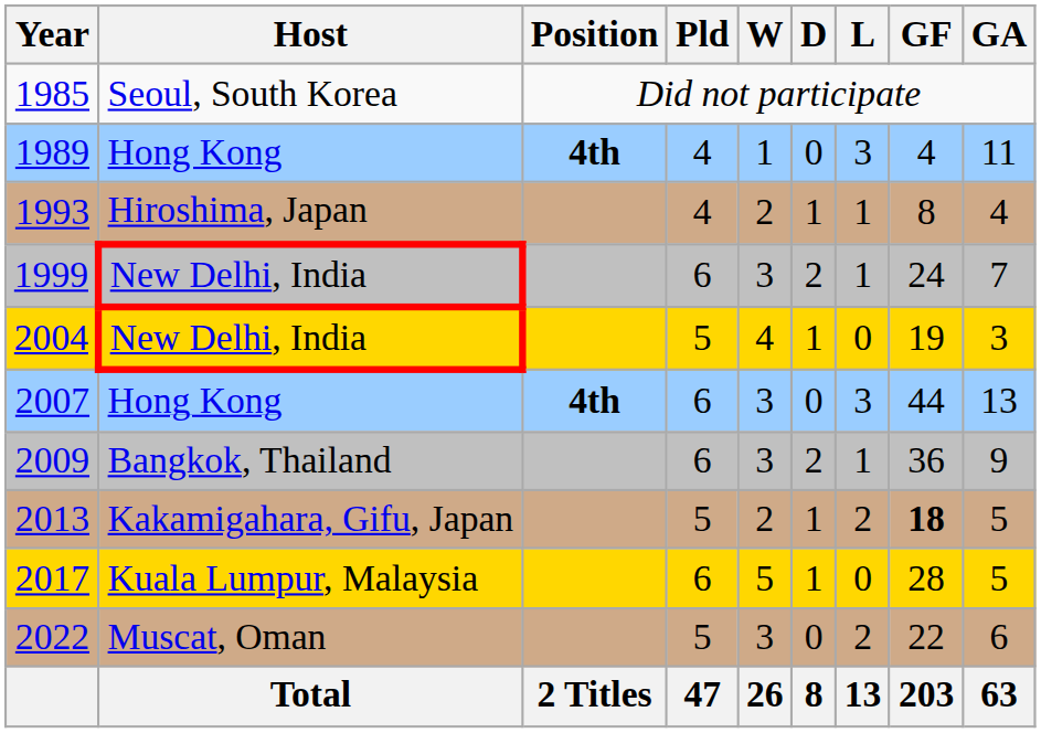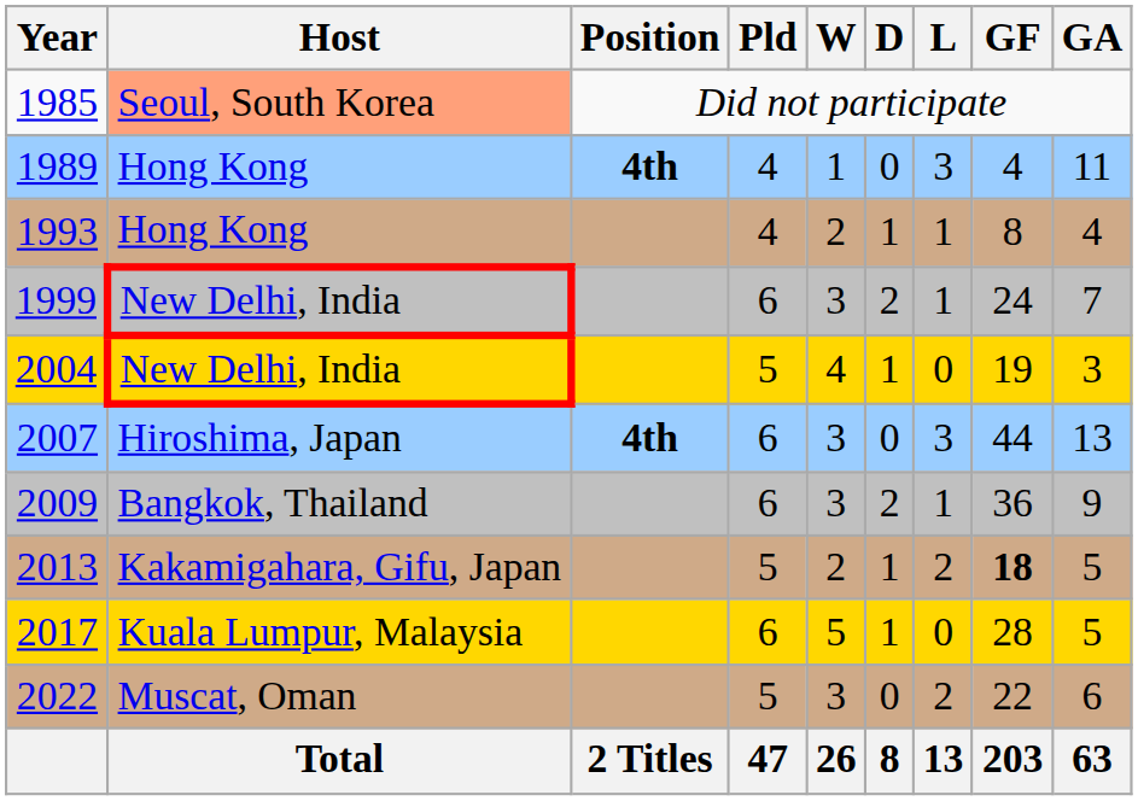 <table class="wikitable" style="text-align: center;">
 <tr>
 <th>Year</th>
 <th>Host</th>
 <th>Position</th>
 <th>Pld</th>
 <th>W</th>
 <th>D</th>
 <th>L</th>
 <th>GF</th>
 <th>GA</th>
 </tr>
 <tr>
 <td><a href='#'>1985</a></td>
-<td align=left> <a href='#'>Seoul</a>, South Korea</td>
+<td align=left style="background: lightsalmon;"> <a href='#'>Seoul</a>, South Korea</td>
 <td colspan=8><em>Did not participate</em></td>
 </tr>
 <tr style="background:#9acdff;">
 <td><a href='#'>1989</a></td>
 <td align=left> <a href='#'>Hong Kong</a></td>
 <td><strong>4th</strong></td>
 <td>4</td>
 <td>1</td>
 <td>0</td>
 <td>3</td>
 <td>4</td>
 <td>11</td>
 </tr>
 <tr bgcolor=#CFAA88>
 <td><a href='#'>1993</a></td>
-<td align=left> <a href='#'>Hiroshima</a>, Japan</td>
+<td align=left> <a href='#'>Hong Kong</a></td>
 <td></td>
 <td>4</td>
 <td>2</td>
 <td>1</td>
 <td>1</td>
 <td>8</td>
 <td>4</td>
 </tr>
 <tr bgcolor=silver>
 <td><a href='#'>1999</a></td>
 <td align=left style="border: 3px solid red"> <a href='#'>New Delhi</a>, India</td>
 <td></td>
 <td>6</td>
 <td>3</td>
 <td>2</td>
 <td>1</td>
 <td>24</td>
 <td>7</td>
 </tr>
 <tr bgcolor=gold>
 <td><a href='#'>2004</a></td>
 <td align=left style="border: 3px solid red"> <a href='#'>New Delhi</a>, India</td>
 <td></td>
 <td>5</td>
 <td>4</td>
 <td>1</td>
 <td>0</td>
 <td>19</td>
 <td>3</td>
 </tr>
 <tr style="background:#9acdff;">
 <td><a href='#'>2007</a></td>
-<td align=left> <a href='#'>Hong Kong</a></td>
+<td align=left> <a href='#'>Hiroshima</a>, Japan</td>
 <td><strong>4th</strong></td>
 <td>6</td>
 <td>3</td>
 <td>0</td>
 <td>3</td>
 <td>44</td>
 <td>13</td>
 </tr>
 <tr bgcolor=silver>
 <td><a href='#'>2009</a></td>
 <td align=left> <a href='#'>Bangkok</a>, Thailand</td>
 <td></td>
 <td>6</td>
 <td>3</td>
 <td>2</td>
 <td>1</td>
 <td>36</td>
 <td>9</td>
 </tr>
 <tr bgcolor=#CFAA88>
 <td><a href='#'>2013</a></td>
 <td align=left> <a href='#'>Kakamigahara, Gifu</a>, Japan</td>
 <td></td>
 <td>5</td>
 <td>2</td>
 <td>1</td>
 <td>2</td>
 <td><strong>18</strong></td>
 <td>5</td>
 </tr>
 <tr bgcolor=gold>
 <td><a href='#'>2017</a></td>
 <td align=left> <a href='#'>Kuala Lumpur</a>, Malaysia</td>
 <td></td>
 <td>6</td>
 <td>5</td>
 <td>1</td>
 <td>0</td>
 <td>28</td>
 <td>5</td>
 </tr>
 <tr bgcolor=#CFAA88>
 <td><a href='#'>2022</a></td>
 <td align=left> <a href='#'>Muscat</a>, Oman</td>
 <td></td>
 <td>5</td>
 <td>3</td>
 <td>0</td>
 <td>2</td>
 <td>22</td>
 <td>6</td>
 </tr>
 <tr>
 <th></th>
 <th>Total</th>
 <th><strong>2 Titles</strong></th>
 <th>47</th>
 <th>26</th>
 <th>8</th>
 <th>13</th>
 <th>203</th>
 <th>63</th>
 </tr>
 </table>
